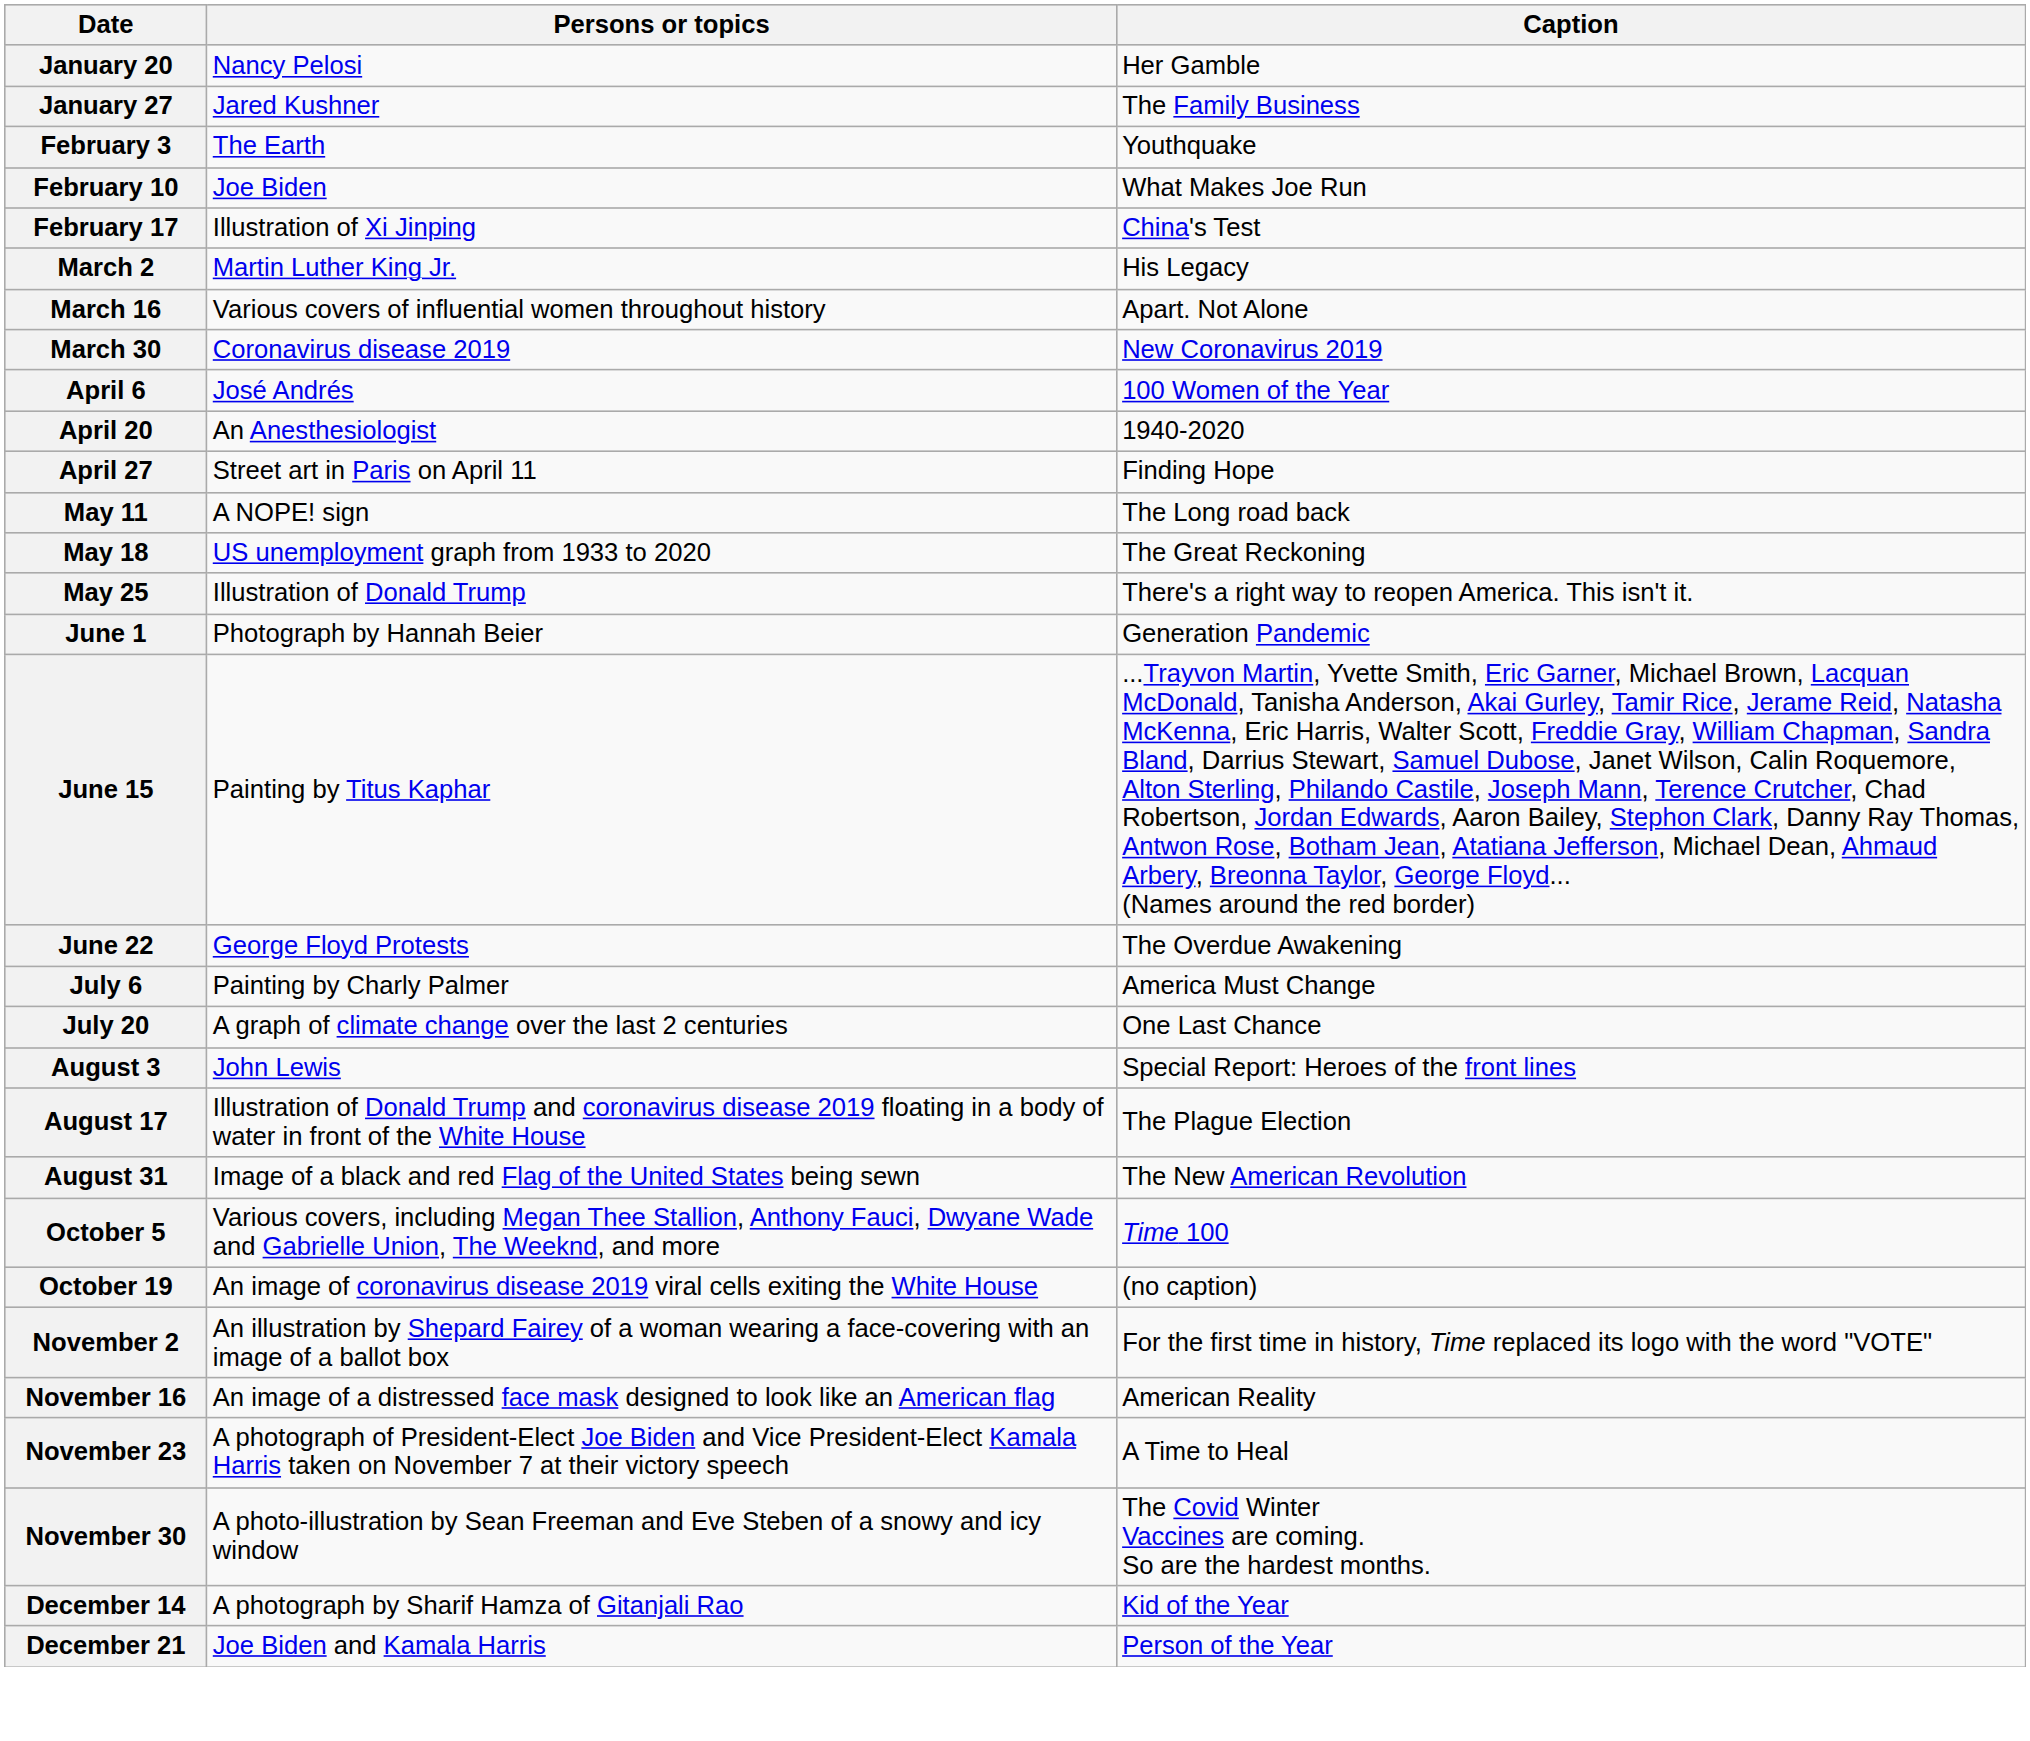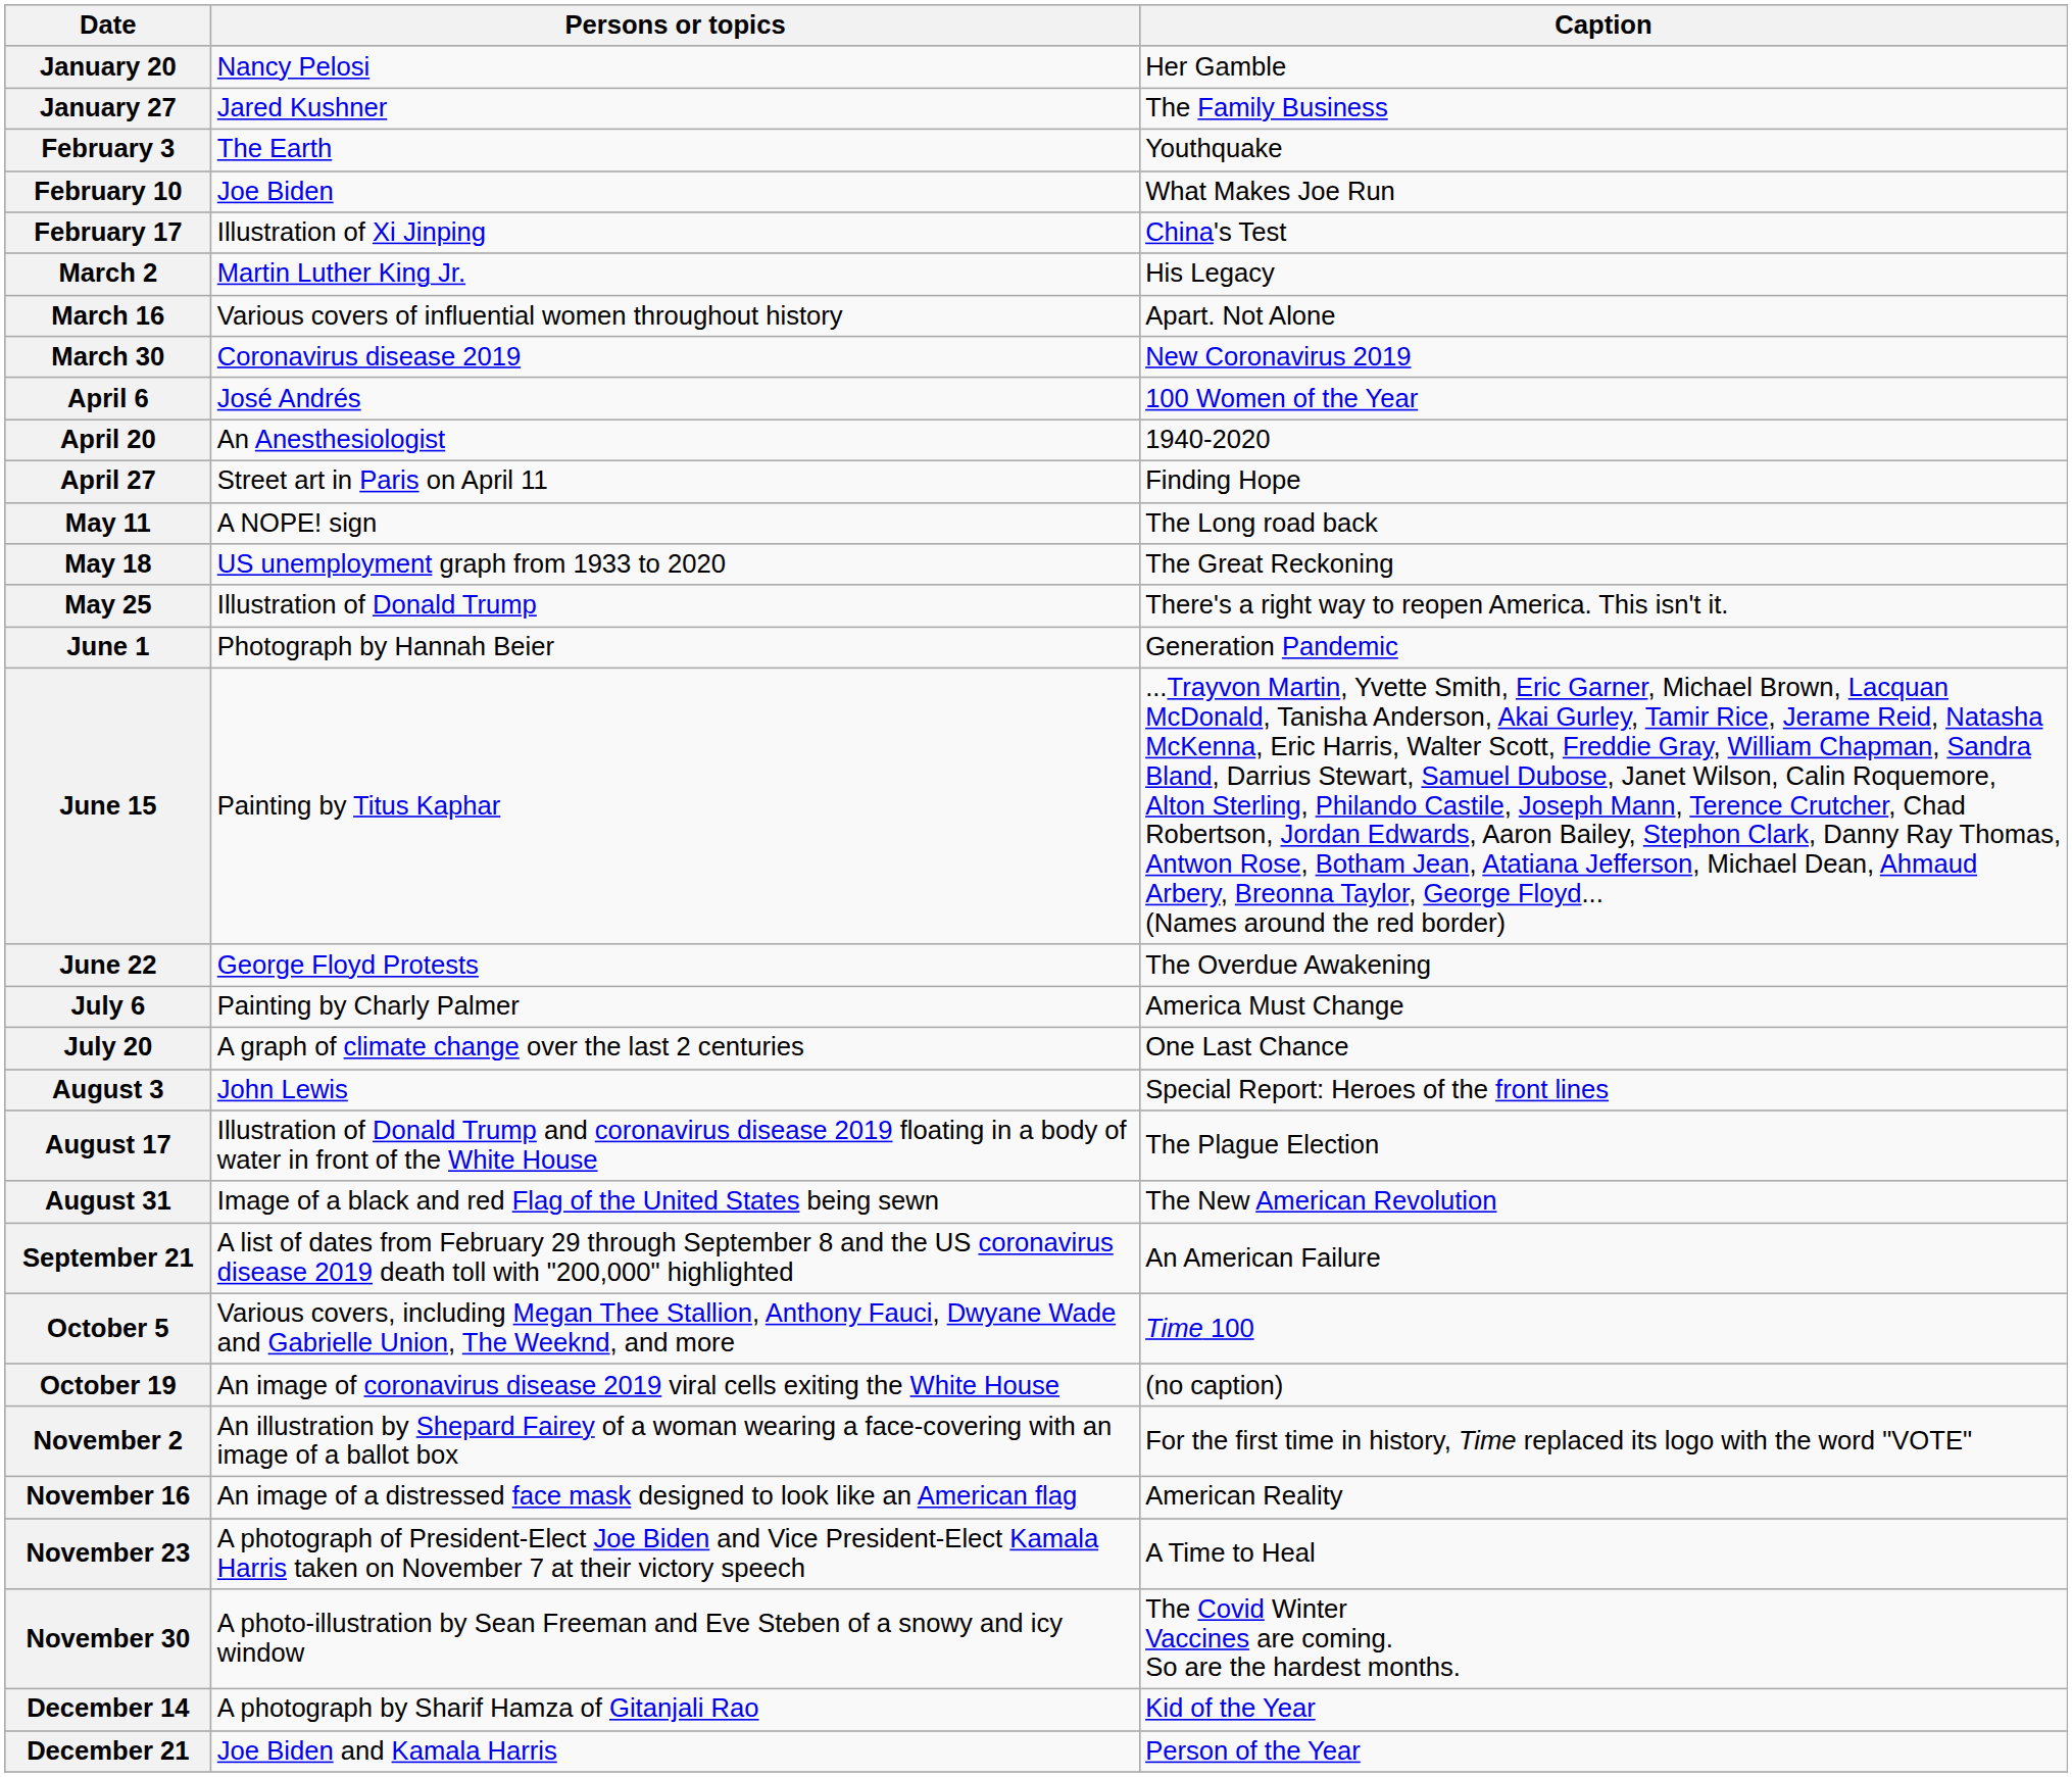 <table class="wikitable sortable" style="width:100%;">
 <tr>
 <th width=10%>Date</th>
 <th width=45%>Persons or topics</th>
 <th width=45%>Caption</th>
 </tr>
 <tr>
 <th>January 20</th>
 <td><a href='#'>Nancy Pelosi</a></td>
 <td>Her Gamble</td>
 </tr>
 <tr>
 <th>January 27</th>
 <td><a href='#'>Jared Kushner</a></td>
 <td>The <a href='#'>Family Business</a></td>
 </tr>
 <tr>
 <th>February 3</th>
 <td><a href='#'>The Earth</a></td>
 <td>Youthquake</td>
 </tr>
 <tr>
 <th>February 10</th>
 <td><a href='#'>Joe Biden</a></td>
 <td>What Makes Joe Run</td>
 </tr>
 <tr>
 <th>February 17</th>
 <td>Illustration of <a href='#'>Xi Jinping</a></td>
 <td><a href='#'>China</a>'s Test</td>
 </tr>
 <tr>
 <th>March 2</th>
 <td><a href='#'>Martin Luther King Jr.</a></td>
 <td>His Legacy</td>
 </tr>
 <tr>
 <th>March 16</th>
 <td>Various covers of influential women throughout history</td>
 <td>Apart. Not Alone</td>
 </tr>
 <tr>
 <th>March 30</th>
 <td><a href='#'>Coronavirus disease 2019</a></td>
 <td><a href='#'>New Coronavirus 2019</a></td>
 </tr>
 <tr>
 <th>April 6</th>
 <td><a href='#'>José Andrés</a></td>
 <td><a href='#'>100 Women of the Year</a></td>
 </tr>
 <tr>
 <th>April 20</th>
 <td>An <a href='#'>Anesthesiologist</a></td>
 <td>1940-2020</td>
 </tr>
 <tr>
 <th>April 27</th>
 <td>Street art in <a href='#'>Paris</a> on April 11</td>
 <td>Finding Hope</td>
 </tr>
 <tr>
 <th>May 11</th>
 <td>A NOPE! sign</td>
 <td>The Long road back</td>
 </tr>
 <tr>
 <th>May 18</th>
 <td><a href='#'>US unemployment</a> graph from 1933 to 2020</td>
 <td>The Great Reckoning</td>
 </tr>
 <tr>
 <th>May 25</th>
 <td>Illustration of <a href='#'>Donald Trump</a></td>
 <td>There's a right way to reopen America. This isn't it.</td>
 </tr>
 <tr>
 <th>June 1</th>
 <td>Photograph by Hannah Beier</td>
 <td>Generation <a href='#'>Pandemic</a></td>
 </tr>
 <tr>
 <th>June 15</th>
 <td>Painting by <a href='#'>Titus Kaphar</a></td>
 <td>...<a href='#'>Trayvon Martin</a>, Yvette Smith, <a href='#'>Eric Garner</a>, Michael Brown, <a href='#'>Lacquan McDonald</a>, Tanisha Anderson, <a href='#'>Akai Gurley</a>, <a href='#'>Tamir Rice</a>, <a href='#'>Jerame Reid</a>, <a href='#'>Natasha McKenna</a>, Eric Harris, Walter Scott, <a href='#'>Freddie Gray</a>, <a href='#'>William Chapman</a>, <a href='#'>Sandra Bland</a>, Darrius Stewart, <a href='#'>Samuel Dubose</a>, Janet Wilson, Calin Roquemore, <a href='#'>Alton Sterling</a>, <a href='#'>Philando Castile</a>, <a href='#'>Joseph Mann</a>, <a href='#'>Terence Crutcher</a>, Chad Robertson, <a href='#'>Jordan Edwards</a>, Aaron Bailey, <a href='#'>Stephon Clark</a>, Danny Ray Thomas, <a href='#'>Antwon Rose</a>, <a href='#'>Botham Jean</a>, <a href='#'>Atatiana Jefferson</a>, Michael Dean, <a href='#'>Ahmaud Arbery</a>, <a href='#'>Breonna Taylor</a>, <a href='#'>George Floyd</a>...<br>(Names around the red border)</td>
 </tr>
 <tr>
 <th>June 22</th>
 <td><a href='#'>George Floyd Protests</a></td>
 <td>The Overdue Awakening</td>
 </tr>
 <tr>
 <th>July 6</th>
 <td>Painting by Charly Palmer</td>
 <td>America Must Change</td>
 </tr>
 <tr>
 <th>July 20</th>
 <td>A graph of <a href='#'>climate change</a> over the last 2 centuries</td>
 <td>One Last Chance</td>
 </tr>
 <tr>
 <th>August 3</th>
 <td><a href='#'>John Lewis</a></td>
 <td>Special Report: Heroes of the <a href='#'>front lines</a></td>
 </tr>
 <tr>
 <th>August 17</th>
 <td>Illustration of <a href='#'>Donald Trump</a> and <a href='#'>coronavirus disease 2019</a> floating in a body of water in front of the <a href='#'>White House</a></td>
 <td>The Plague Election</td>
 </tr>
 <tr>
 <th>August 31</th>
 <td>Image of a black and red <a href='#'>Flag of the United States</a> being sewn</td>
 <td>The New <a href='#'>American Revolution</a></td>
 </tr>
 <tr>
+<th>September 21</th>
+<td>A list of dates from February 29 through September 8 and the US <a href='#'>coronavirus disease 2019</a> death toll with "200,000" highlighted</td>
+<td>An American Failure</td>
+</tr>
+<tr>
 <th>October 5</th>
 <td>Various covers, including <a href='#'>Megan Thee Stallion</a>, <a href='#'>Anthony Fauci</a>, <a href='#'>Dwyane Wade</a> and <a href='#'>Gabrielle Union</a>, <a href='#'>The Weeknd</a>, and more</td>
 <td><a href='#'><em>Time</em> 100</a></td>
 </tr>
 <tr>
 <th>October 19</th>
 <td>An image of <a href='#'>coronavirus disease 2019</a> viral cells exiting the <a href='#'>White House</a></td>
 <td>(no caption)</td>
 </tr>
 <tr>
 <th>November 2</th>
 <td>An illustration by <a href='#'>Shepard Fairey</a> of a woman wearing a face-covering with an image of a ballot box</td>
 <td>For the first time in history, <em>Time</em> replaced its logo with the word "VOTE"</td>
 </tr>
 <tr>
 <th>November 16</th>
 <td>An image of a distressed <a href='#'>face mask</a> designed to look like an <a href='#'>American flag</a></td>
 <td>American Reality</td>
 </tr>
 <tr>
 <th>November 23</th>
 <td>A photograph of President-Elect <a href='#'>Joe Biden</a> and Vice President-Elect <a href='#'>Kamala Harris</a> taken on November 7 at their victory speech</td>
 <td>A Time to Heal</td>
 </tr>
 <tr>
 <th>November 30</th>
 <td>A photo-illustration by Sean Freeman and Eve Steben of a snowy and icy window</td>
 <td>The <a href='#'>Covid</a> Winter<br><a href='#'>Vaccines</a> are coming. <br> So are the hardest months.</td>
 </tr>
 <tr>
 <th>December 14</th>
 <td>A photograph by Sharif Hamza of <a href='#'>Gitanjali Rao</a></td>
 <td><a href='#'>Kid of the Year</a></td>
 </tr>
 <tr>
 <th>December 21</th>
 <td><a href='#'>Joe Biden</a> and <a href='#'>Kamala Harris</a></td>
 <td><a href='#'>Person of the Year</a></td>
 </tr>
 </table>
